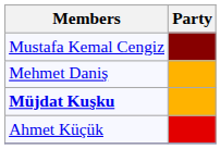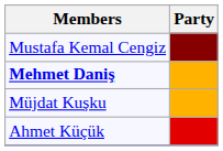 <table class=wikitable style="border:1px solid #8888aa; background-color:#f7f8ff; padding:0px; font-size:90%;">
 <tr>
 <th>Members</th>
 <th colspan="2">Party</th>
 </tr>
 <tr>
 <td><a href='#'>Mustafa Kemal Cengiz</a></td>
 <td style="background: #870000"></td>
 </tr>
 <tr>
-<td><a href='#'>Mehmet Daniş</a></td>
+<td><strong><a href='#'>Mehmet Daniş</a></strong></td>
 <td style="background: #ffb300"></td>
 </tr>
 <tr>
-<td><strong><a href='#'>Müjdat Kuşku</a></strong></td>
+<td><a href='#'>Müjdat Kuşku</a></td>
 <td style="background: #ffb300"></td>
 </tr>
 <tr>
 <td><a href='#'>Ahmet Küçük</a></td>
 <td style="background: #e30000"></td>
 </tr>
 <tr>
 </tr>
 </table>
